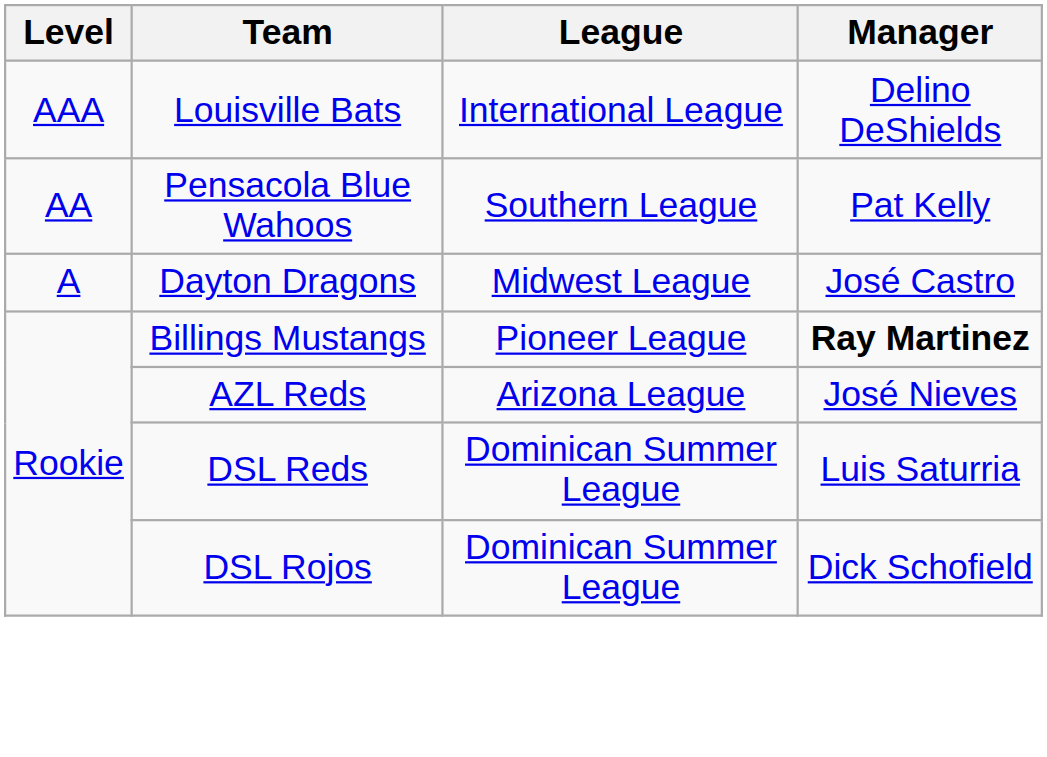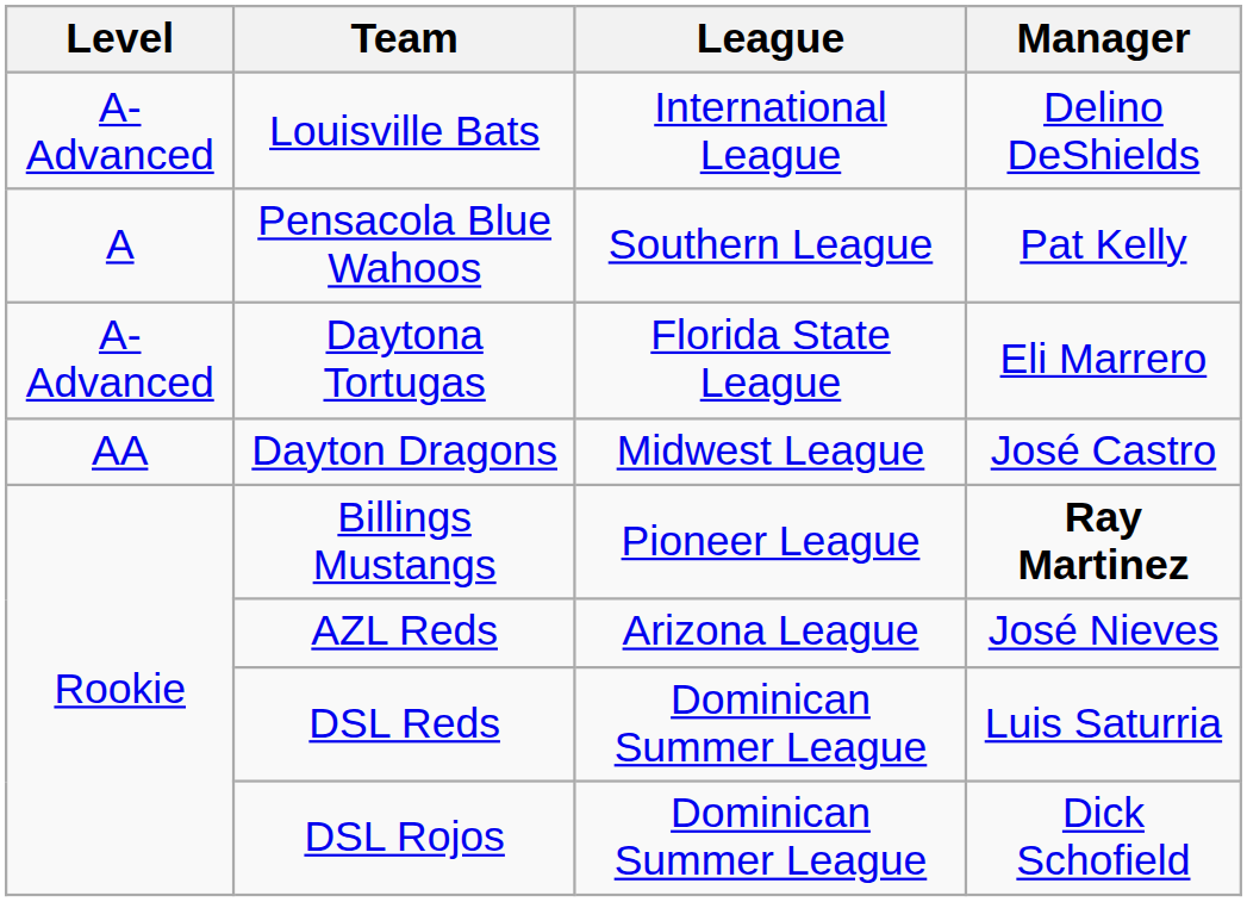 <table class="wikitable" style="width:75%; text-align:center;">
 <tr>
 <th>Level</th>
 <th>Team</th>
 <th>League</th>
 <th>Manager</th>
 </tr>
 <tr>
-<td><a href='#'>AAA</a></td>
+<td><a href='#'>A-Advanced</a></td>
 <td><a href='#'>Louisville Bats</a></td>
 <td><a href='#'>International League</a></td>
 <td><a href='#'>Delino DeShields</a></td>
 </tr>
 <tr>
-<td><a href='#'>AA</a></td>
+<td><a href='#'>A</a></td>
 <td><a href='#'>Pensacola Blue Wahoos</a></td>
 <td><a href='#'>Southern League</a></td>
 <td><a href='#'>Pat Kelly</a></td>
 </tr>
 <tr>
-<td><a href='#'>A</a></td>
+<td><a href='#'>A-Advanced</a></td>
+<td><a href='#'>Daytona Tortugas</a></td>
+<td><a href='#'>Florida State League</a></td>
+<td><a href='#'>Eli Marrero</a></td>
+</tr>
+<tr>
+<td><a href='#'>AA</a></td>
 <td><a href='#'>Dayton Dragons</a></td>
 <td><a href='#'>Midwest League</a></td>
 <td><a href='#'>José Castro</a></td>
 </tr>
 <tr>
 <td rowspan=4><a href='#'>Rookie</a></td>
 <td><a href='#'>Billings Mustangs</a></td>
 <td><a href='#'>Pioneer League</a></td>
 <td><strong>Ray Martinez</strong></td>
 </tr>
 <tr>
 <td><a href='#'>AZL Reds</a></td>
 <td><a href='#'>Arizona League</a></td>
 <td><a href='#'>José Nieves</a></td>
 </tr>
 <tr>
 <td><a href='#'>DSL Reds</a></td>
 <td><a href='#'>Dominican Summer League</a></td>
 <td><a href='#'>Luis Saturria</a></td>
 </tr>
 <tr>
 <td><a href='#'>DSL Rojos</a></td>
 <td><a href='#'>Dominican Summer League</a></td>
 <td><a href='#'>Dick Schofield</a></td>
 </tr>
 </table>
